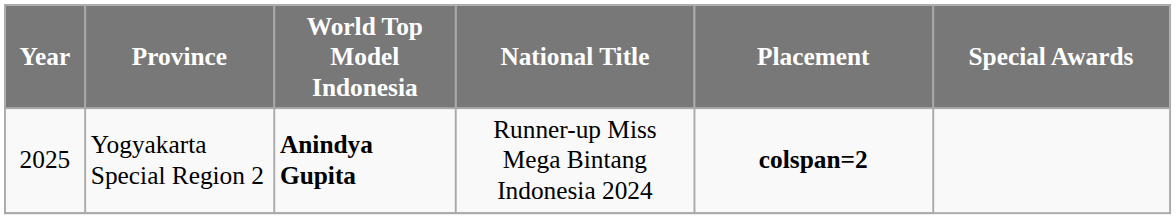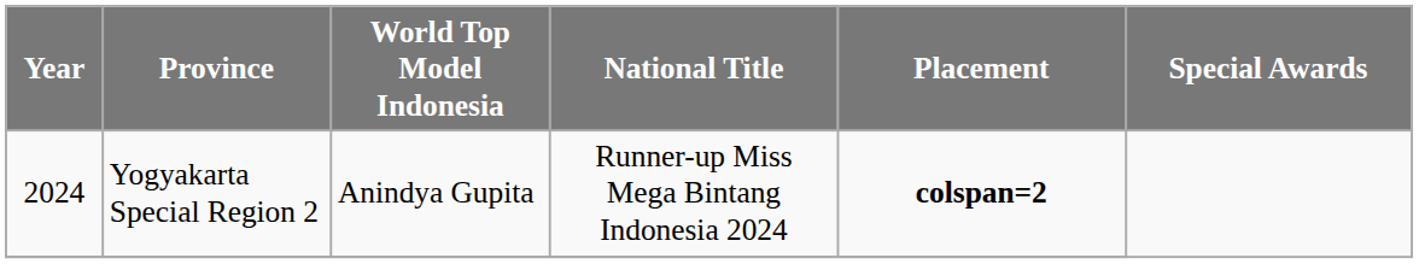 <table class="wikitable sortable" style="font-size: 83%; text-align:center">
 <tr>
 <th width="60" style="background-color:#787878;color:#FFFFFF;">Year</th>
 <th width="180" style="background-color:#787878;color:#FFFFFF;">Province</th>
 <th width="180" style="background-color:#787878;color:#FFFFFF;">World Top Model Indonesia</th>
 <th width="300" style="background-color:#787878;color:#FFFFFF;">National Title</th>
 <th width="280" style="background-color:#787878;color:#FFFFFF;">Placement</th>
 <th width="320" style="background-color:#787878;color:#FFFFFF;">Special Awards</th>
 </tr>
 <tr>
-<td>2025</td>
+<td>2024</td>
 <td align="left">Yogyakarta Special Region 2</td>
-<td align="left"><strong>Anindya Gupita</strong></td>
+<td align="left">Anindya Gupita</td>
 <td>Runner-up Miss Mega Bintang Indonesia 2024</td>
 <td><strong>colspan=2 </strong></td>
 </tr>
 <tr>
 </tr>
 </table>
